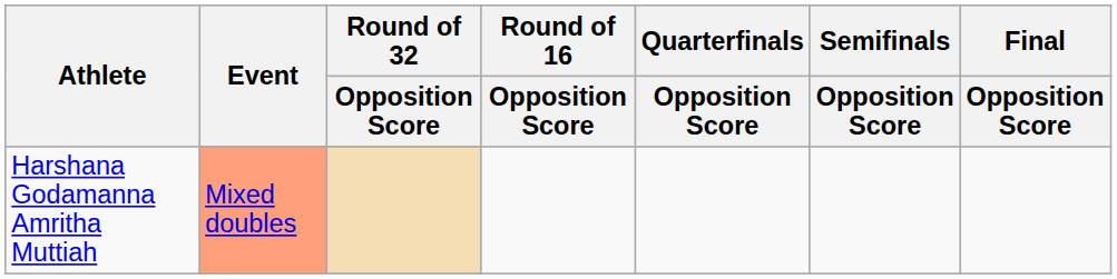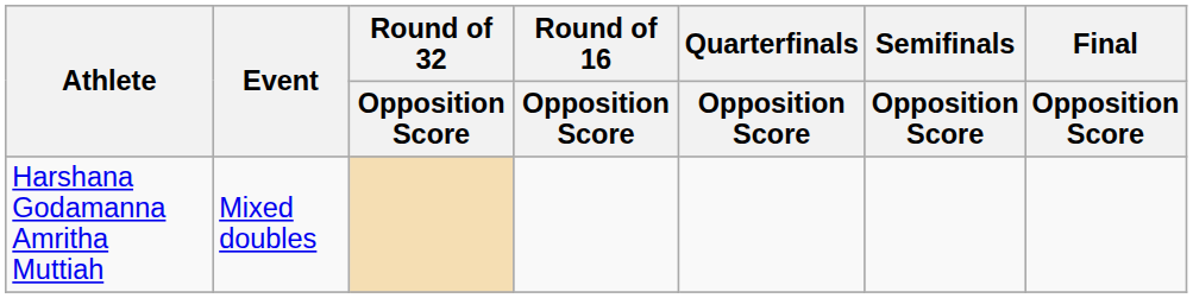 <table class=wikitable style="font-size:90%">
 <tr>
 <th rowspan="2">Athlete</th>
 <th rowspan="2">Event</th>
 <th>Round of 32</th>
 <th>Round of 16</th>
 <th>Quarterfinals</th>
 <th>Semifinals</th>
 <th>Final</th>
 </tr>
 <tr>
 <th>Opposition<br>Score</th>
 <th>Opposition<br>Score</th>
 <th>Opposition<br>Score</th>
 <th>Opposition<br>Score</th>
 <th>Opposition<br>Score</th>
 </tr>
 <tr>
 <td><a href='#'>Harshana Godamanna</a><br><a href='#'>Amritha Muttiah</a></td>
-<td style="background: lightsalmon;"><a href='#'>Mixed doubles</a></td>
+<td><a href='#'>Mixed doubles</a></td>
 <td colspan="1" bgcolor="wheat"></td>
 <td></td>
 <td></td>
 <td></td>
 <td></td>
 </tr>
 </table>
